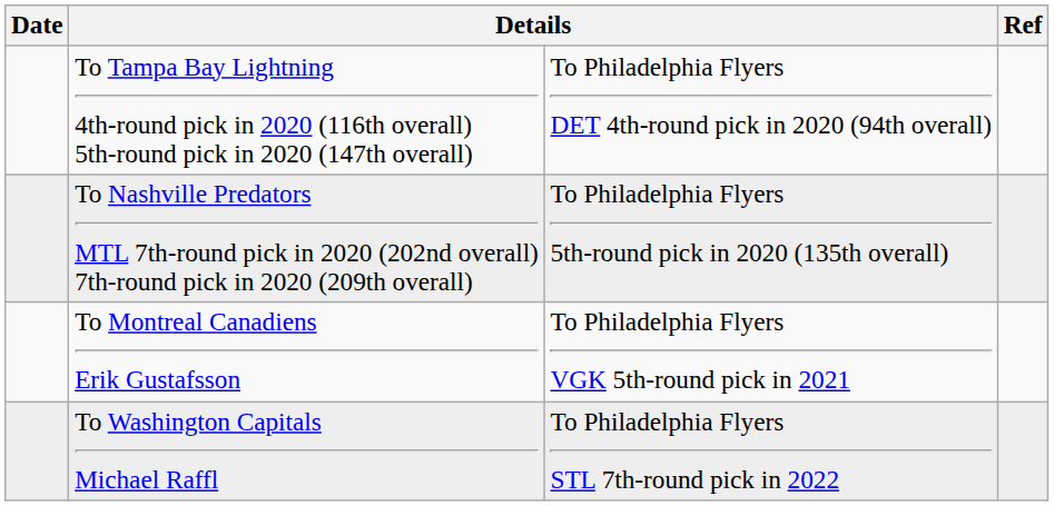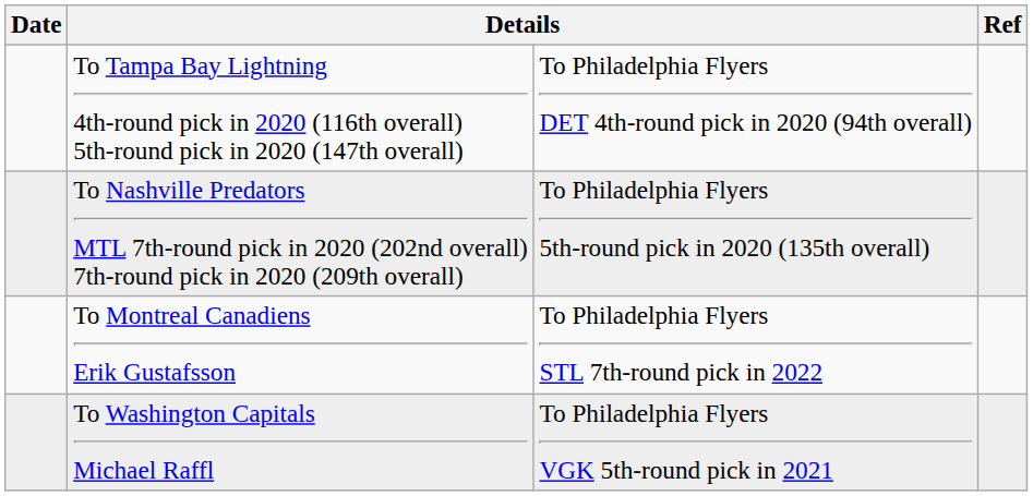 <table class="wikitable">
 <tr>
 <th>Date</th>
 <th colspan="2">Details</th>
 <th>Ref</th>
 </tr>
 <tr>
 <td></td>
 <td valign="top">To <a href='#'>Tampa Bay Lightning</a><hr>4th-round pick in <a href='#'>2020</a> (116th overall)<br>5th-round pick in 2020 (147th overall)</td>
 <td valign="top">To Philadelphia Flyers<hr><a href='#'>DET</a> 4th-round pick in 2020 (94th overall)</td>
 <td></td>
 </tr>
 <tr style="background:#eee;">
 <td></td>
 <td valign="top">To <a href='#'>Nashville Predators</a><hr><a href='#'>MTL</a> 7th-round pick in 2020 (202nd overall)<br>7th-round pick in 2020 (209th overall)</td>
 <td valign="top">To Philadelphia Flyers<hr>5th-round pick in 2020 (135th overall)</td>
 <td></td>
 </tr>
 <tr>
 <td></td>
 <td valign="top">To <a href='#'>Montreal Canadiens</a><hr><a href='#'>Erik Gustafsson</a></td>
-<td valign="top">To Philadelphia Flyers<hr><a href='#'>VGK</a> 5th-round pick in <a href='#'>2021</a></td>
+<td valign="top">To Philadelphia Flyers<hr><a href='#'>STL</a> 7th-round pick in <a href='#'>2022</a></td>
 <td></td>
 </tr>
 <tr style="background:#eee;">
 <td></td>
 <td valign="top">To <a href='#'>Washington Capitals</a><hr><a href='#'>Michael Raffl</a></td>
-<td valign="top">To Philadelphia Flyers<hr><a href='#'>STL</a> 7th-round pick in <a href='#'>2022</a></td>
+<td valign="top">To Philadelphia Flyers<hr><a href='#'>VGK</a> 5th-round pick in <a href='#'>2021</a></td>
 <td></td>
 </tr>
 </table>
